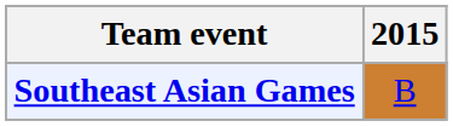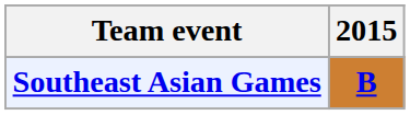 <table class="wikitable" style="font-size: 90%; text-align:center">
 <tr>
 <th>Team event</th>
 <th>2015</th>
 </tr>
 <tr>
 <td bgcolor="#ECF2FF"; align="left"><strong><a href='#'>Southeast Asian Games</a></strong></td>
-<td bgcolor=CD7F32><a href='#'>B</a></td>
+<td bgcolor=CD7F32><strong><a href='#'>B</a></strong></td>
 </tr>
 </table>
